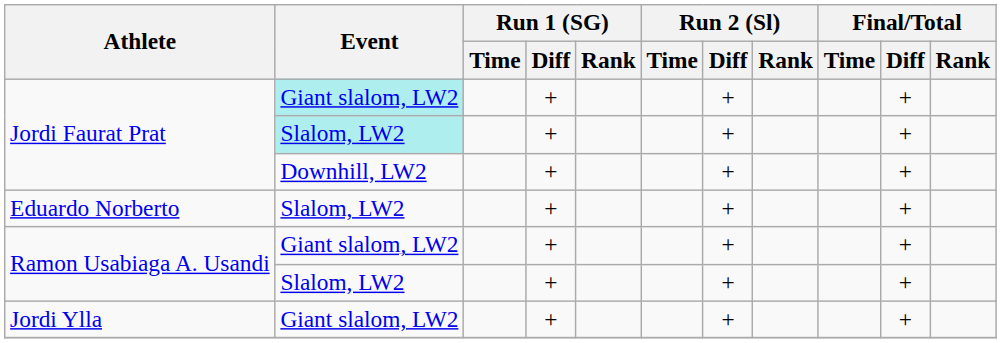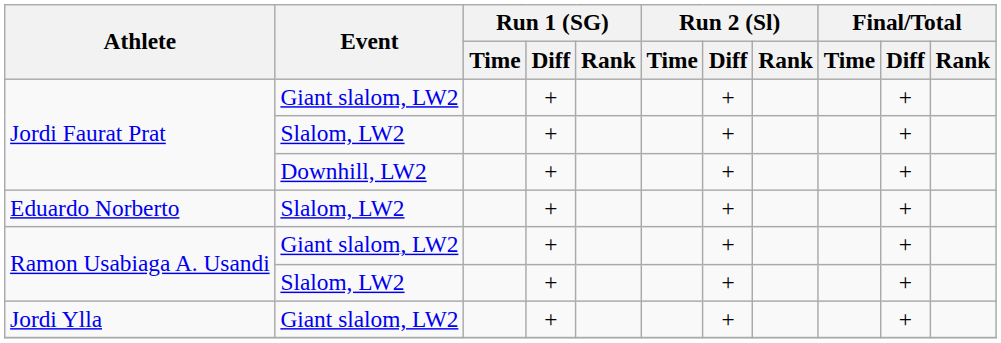 <table class="wikitable" style="font-size:100%">
 <tr>
 <th rowspan="2">Athlete</th>
 <th rowspan="2">Event</th>
 <th colspan="3">Run 1 (SG)</th>
 <th colspan="3">Run 2 (Sl)</th>
 <th colspan="3">Final/Total</th>
 </tr>
 <tr>
 <th>Time</th>
 <th>Diff</th>
 <th>Rank</th>
 <th>Time</th>
 <th>Diff</th>
 <th>Rank</th>
 <th>Time</th>
 <th>Diff</th>
 <th>Rank</th>
 </tr>
 <tr>
 <td rowspan=3><a href='#'>Jordi Faurat Prat</a></td>
-<td style="background: paleturquoise;"><a href='#'>Giant slalom, LW2</a></td>
+<td><a href='#'>Giant slalom, LW2</a></td>
 <td align="center"></td>
 <td align="center">+</td>
 <td align="center"></td>
 <td align="center"></td>
 <td align="center">+</td>
 <td align="center"></td>
 <td align="center"></td>
 <td align="center">+</td>
 <td colspan="3" align="center"></td>
 </tr>
 <tr>
-<td style="background: paleturquoise;"><a href='#'>Slalom, LW2</a></td>
+<td><a href='#'>Slalom, LW2</a></td>
 <td align="center"></td>
 <td align="center">+</td>
 <td align="center"></td>
 <td align="center"></td>
 <td align="center">+</td>
 <td align="center"></td>
 <td align="center"></td>
 <td align="center">+</td>
 <td colspan="3" align="center"></td>
 </tr>
 <tr>
 <td><a href='#'>Downhill, LW2</a></td>
 <td align="center"></td>
 <td align="center">+</td>
 <td align="center"></td>
 <td align="center"></td>
 <td align="center">+</td>
 <td align="center"></td>
 <td align="center"></td>
 <td align="center">+</td>
 <td colspan="3" align="center"></td>
 </tr>
 <tr>
 <td rowspan=1><a href='#'>Eduardo Norberto</a></td>
 <td><a href='#'>Slalom, LW2</a></td>
 <td align="center"></td>
 <td align="center">+</td>
 <td align="center"></td>
 <td align="center"></td>
 <td align="center">+</td>
 <td align="center"></td>
 <td align="center"></td>
 <td align="center">+</td>
 <td align="center"></td>
 </tr>
 <tr>
 <td rowspan=2><a href='#'>Ramon Usabiaga A. Usandi</a></td>
 <td><a href='#'>Giant slalom, LW2</a></td>
 <td align="center"></td>
 <td align="center">+</td>
 <td align="center"></td>
 <td align="center"></td>
 <td align="center">+</td>
 <td align="center"></td>
 <td align="center"></td>
 <td align="center">+</td>
 <td align="center"></td>
 </tr>
 <tr>
 <td><a href='#'>Slalom, LW2</a></td>
 <td align="center"></td>
 <td align="center">+</td>
 <td align="center"></td>
 <td align="center"></td>
 <td align="center">+</td>
 <td align="center"></td>
 <td align="center"></td>
 <td align="center">+</td>
 <td align="center"></td>
 </tr>
 <tr>
 <td rowspan=1><a href='#'>Jordi Ylla</a></td>
 <td><a href='#'>Giant slalom, LW2</a></td>
 <td align="center"></td>
 <td align="center">+</td>
 <td align="center"></td>
 <td align="center"></td>
 <td align="center">+</td>
 <td align="center"></td>
 <td align="center"></td>
 <td align="center">+</td>
 <td align="center"></td>
 </tr>
 <tr>
 </tr>
 </table>
